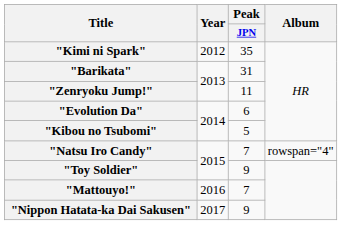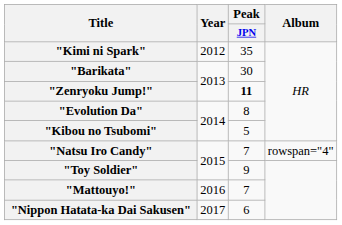 <table class="wikitable plainrowheaders" style="text-align:center;">
 <tr>
 <th scope="colw" rowspan="2" style="width:15em;">Title</th>
 <th scope="col" rowspan="2">Year</th>
 <th scope="col">Peak</th>
 <th scope="col" rowspan="2">Album</th>
 </tr>
 <tr>
 <th scope="col" style="width:3em;font-size:85%;"><a href='#'>JPN</a><br></th>
 </tr>
 <tr>
 <th scope="row">"Kimi ni Spark"</th>
 <td>2012</td>
 <td>35</td>
 <td rowspan="5"><em>HR</em></td>
 </tr>
 <tr>
 <th scope="row">"Barikata"</th>
 <td rowspan="2">2013</td>
-<td>31</td>
+<td>30</td>
 </tr>
 <tr>
 <th scope="row">"Zenryoku Jump!"</th>
-<td>11</td>
+<td><strong>11</strong></td>
 </tr>
 <tr>
 <th scope="row">"Evolution Da"</th>
 <td rowspan="2">2014</td>
-<td>6</td>
+<td>8</td>
 </tr>
 <tr>
 <th scope="row">"Kibou no Tsubomi"</th>
 <td>5</td>
 </tr>
 <tr>
 <th scope="row">"Natsu Iro Candy"</th>
 <td rowspan="2">2015</td>
 <td>7</td>
 <td>rowspan="4" </td>
 </tr>
 <tr>
 <th scope="row">"Toy Soldier"</th>
 <td>9</td>
 </tr>
 <tr>
 <th scope="row">"Mattouyo!"</th>
 <td>2016</td>
 <td>7</td>
 </tr>
 <tr>
 <th scope="row">"Nippon Hatata-ka Dai Sakusen"</th>
 <td>2017</td>
-<td>9</td>
+<td>6</td>
 </tr>
 </table>
